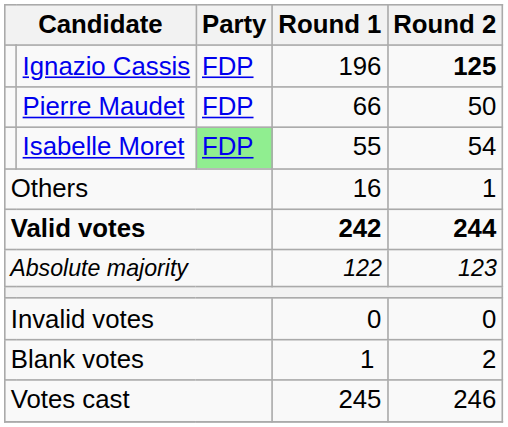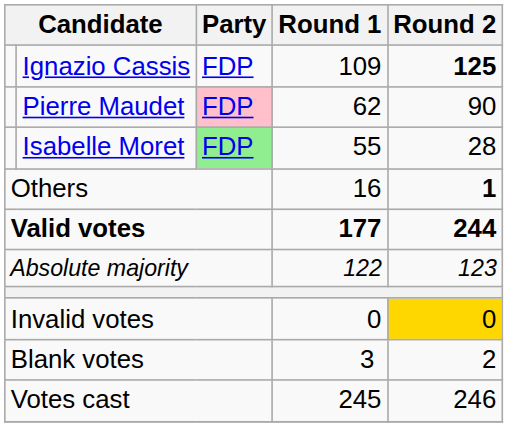 <table class="wikitable" style="text-align:right;">
 <tr>
 <th colspan=2>Candidate</th>
 <th>Party</th>
 <th>Round 1</th>
 <th>Round 2</th>
 </tr>
 <tr>
 <td style="background-color:"></td>
 <td style="text-align:left;"><a href='#'>Ignazio Cassis</a></td>
 <td style="text-align:left;"><a href='#'>FDP</a></td>
-<td>196</td>
+<td>109</td>
 <td><strong>125</strong></td>
 </tr>
 <tr>
 <td style="background-color:"></td>
 <td style="text-align:left;"><a href='#'>Pierre Maudet</a></td>
-<td style="text-align:left;"><a href='#'>FDP</a></td>
-<td>66</td>
-<td>50</td>
+<td style="background: pink; text-align:left;"><a href='#'>FDP</a></td>
+<td>62</td>
+<td>90</td>
 </tr>
 <tr>
 <td style="background-color:"></td>
 <td style="text-align:left;"><a href='#'>Isabelle Moret</a></td>
 <td style="background: lightgreen; text-align:left;"><a href='#'>FDP</a></td>
 <td>55</td>
-<td>54</td>
+<td>28</td>
 </tr>
 <tr>
 <td colspan=3 style="text-align:left;">Others</td>
 <td>16</td>
-<td>1</td>
+<td><strong>1</strong></td>
 </tr>
 <tr style="font-weight:bold;">
 <td colspan=3 style="text-align:left;">Valid votes</td>
-<td>242</td>
+<td>177</td>
 <td>244</td>
 </tr>
 <tr style="font-style:italic; font-size:90%;">
 <td colspan=3 style="text-align:left;">Absolute majority</td>
 <td>122</td>
 <td>123</td>
 </tr>
 <tr>
 <th colspan=10></th>
 </tr>
 <tr>
 <td colspan=3 style="text-align:left;">Invalid votes</td>
 <td>0</td>
-<td>0</td>
+<td style="background: gold;">0</td>
 </tr>
 <tr>
 <td colspan=3 style="text-align:left;">Blank votes</td>
-<td>1 </td>
+<td>3 </td>
 <td>2</td>
 </tr>
 <tr>
 <td colspan=3 style="text-align:left;">Votes cast</td>
 <td>245</td>
 <td>246</td>
 </tr>
 <tr>
 </tr>
 </table>
